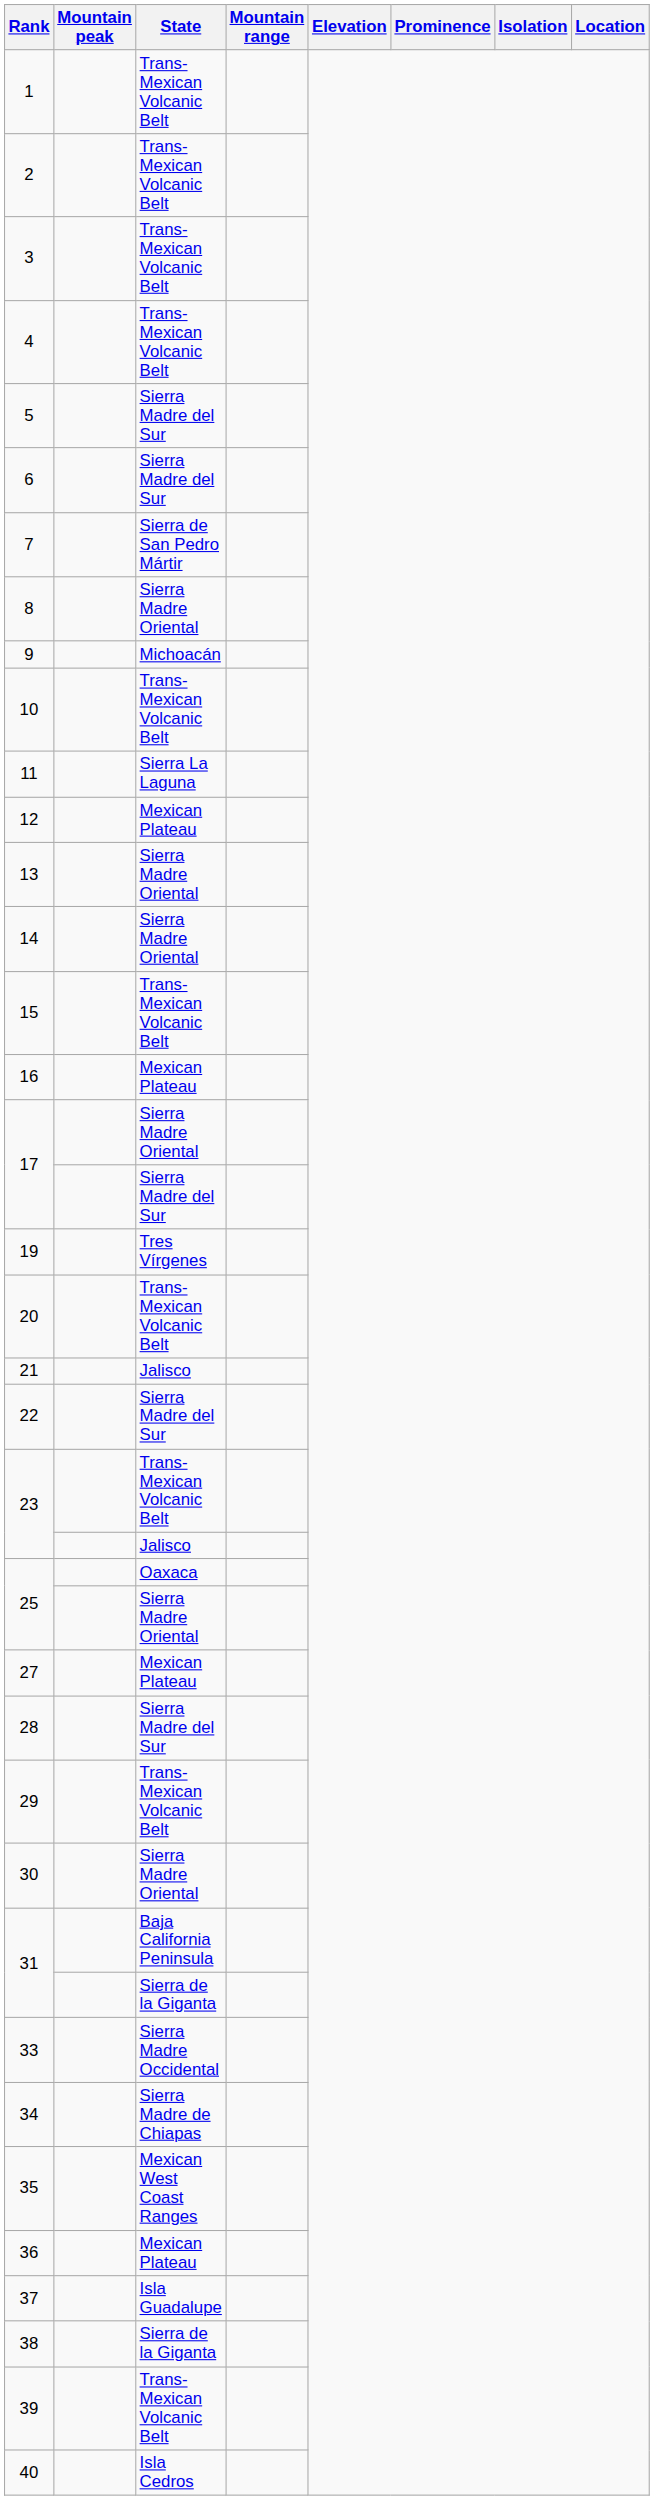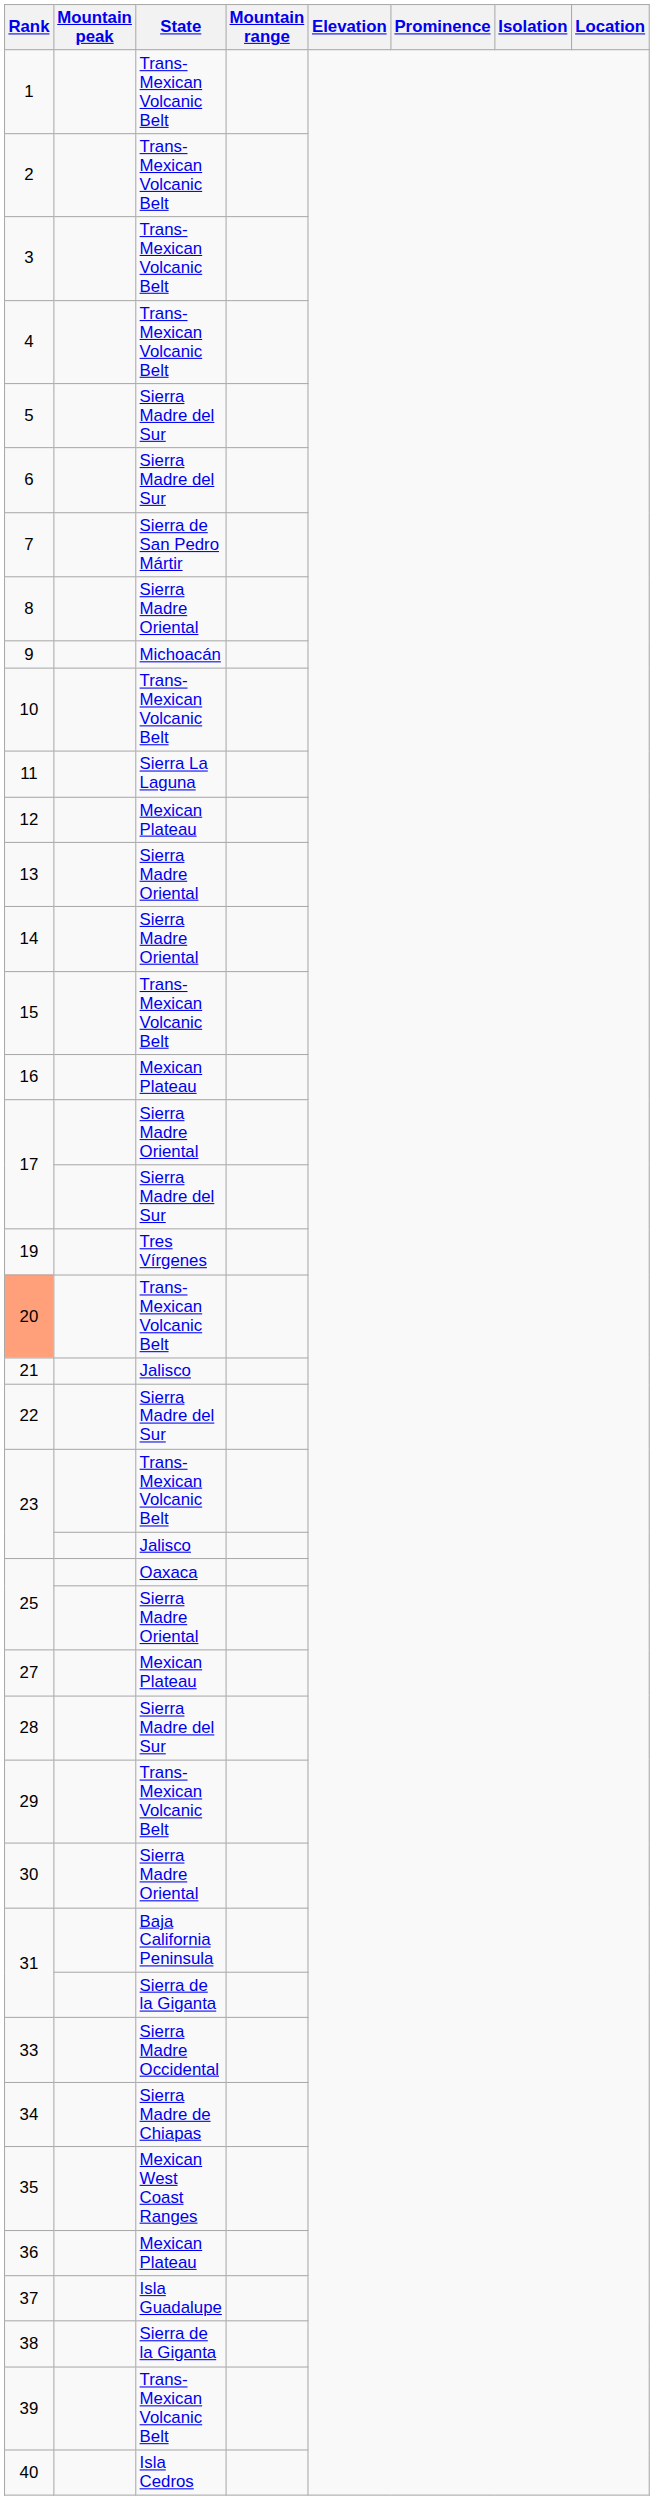 <table class="wikitable sortable">
 <tr>
 <th><a href='#'>Rank</a></th>
 <th><a href='#'>Mountain peak</a></th>
 <th><a href='#'>State</a></th>
 <th><a href='#'>Mountain range</a></th>
 <th><a href='#'>Elevation</a></th>
 <th><a href='#'>Prominence</a></th>
 <th><a href='#'>Isolation</a></th>
 <th><a href='#'>Location</a></th>
 </tr>
 <tr>
 <td align=center>1<br></td>
 <td><br></td>
 <td><a href='#'>Trans-Mexican Volcanic Belt</a><br></td>
 <td></td>
 </tr>
 <tr>
 <td align=center>2<br></td>
 <td><br><br></td>
 <td><a href='#'>Trans-Mexican Volcanic Belt</a><br></td>
 <td></td>
 </tr>
 <tr>
 <td align=center>3<br></td>
 <td></td>
 <td><a href='#'>Trans-Mexican Volcanic Belt</a><br></td>
 <td></td>
 </tr>
 <tr>
 <td align=center>4<br></td>
 <td></td>
 <td><a href='#'>Trans-Mexican Volcanic Belt</a><br></td>
 <td></td>
 </tr>
 <tr>
 <td align=center>5<br></td>
 <td></td>
 <td><a href='#'>Sierra Madre del Sur</a><br></td>
 <td></td>
 </tr>
 <tr>
 <td align=center>6<br></td>
 <td></td>
 <td><a href='#'>Sierra Madre del Sur</a><br></td>
 <td></td>
 </tr>
 <tr>
 <td align=center>7<br></td>
 <td></td>
 <td><a href='#'>Sierra de San Pedro Mártir</a><br></td>
 <td></td>
 </tr>
 <tr>
 <td align=center>8<br></td>
 <td></td>
 <td><a href='#'>Sierra Madre Oriental</a><br></td>
 <td></td>
 </tr>
 <tr>
 <td align=center>9<br></td>
 <td></td>
 <td><a href='#'>Michoacán</a><br></td>
 <td></td>
 </tr>
 <tr>
 <td align=center>10<br></td>
 <td><br></td>
 <td><a href='#'>Trans-Mexican Volcanic Belt</a><br></td>
 <td></td>
 </tr>
 <tr>
 <td align=center>11<br></td>
 <td></td>
 <td><a href='#'>Sierra La Laguna</a><br></td>
 <td></td>
 </tr>
 <tr>
 <td align=center>12<br></td>
 <td></td>
 <td><a href='#'>Mexican Plateau</a><br></td>
 <td></td>
 </tr>
 <tr>
 <td align=center>13<br></td>
 <td></td>
 <td><a href='#'>Sierra Madre Oriental</a><br></td>
 <td></td>
 </tr>
 <tr>
 <td align=center>14<br></td>
 <td></td>
 <td><a href='#'>Sierra Madre Oriental</a><br></td>
 <td></td>
 </tr>
 <tr>
 <td align=center>15<br></td>
 <td></td>
 <td><a href='#'>Trans-Mexican Volcanic Belt</a><br></td>
 <td></td>
 </tr>
 <tr>
 <td align=center>16<br></td>
 <td></td>
 <td><a href='#'>Mexican Plateau</a><br></td>
 <td></td>
 </tr>
 <tr>
 <td align=center rowspan=2>17<br></td>
 <td></td>
 <td><a href='#'>Sierra Madre Oriental</a><br></td>
 <td></td>
 </tr>
 <tr>
 <td></td>
 <td><a href='#'>Sierra Madre del Sur</a><br></td>
 <td></td>
 </tr>
 <tr>
 <td align=center>19<br></td>
 <td></td>
 <td><a href='#'>Tres Vírgenes</a><br></td>
 <td></td>
 </tr>
 <tr>
-<td align=center>20<br></td>
+<td align=center style="background: lightsalmon;">20<br></td>
 <td></td>
 <td><a href='#'>Trans-Mexican Volcanic Belt</a><br></td>
 <td></td>
 </tr>
 <tr>
 <td align=center>21<br></td>
 <td></td>
 <td><a href='#'>Jalisco</a><br></td>
 <td></td>
 </tr>
 <tr>
 <td align=center>22<br></td>
 <td></td>
 <td><a href='#'>Sierra Madre del Sur</a><br></td>
 <td></td>
 </tr>
 <tr>
 <td align=center rowspan=2>23<br></td>
 <td><br></td>
 <td><a href='#'>Trans-Mexican Volcanic Belt</a><br></td>
 <td></td>
 </tr>
 <tr>
 <td></td>
 <td><a href='#'>Jalisco</a><br></td>
 <td></td>
 </tr>
 <tr>
 <td align=center rowspan=2>25<br></td>
 <td></td>
 <td><a href='#'>Oaxaca</a><br></td>
 <td></td>
 </tr>
 <tr>
 <td></td>
 <td><a href='#'>Sierra Madre Oriental</a><br></td>
 <td></td>
 </tr>
 <tr>
 <td align=center>27<br></td>
 <td><br></td>
 <td><a href='#'>Mexican Plateau</a><br></td>
 <td></td>
 </tr>
 <tr>
 <td align=center>28<br></td>
 <td></td>
 <td><a href='#'>Sierra Madre del Sur</a><br></td>
 <td></td>
 </tr>
 <tr>
 <td align=center>29<br></td>
 <td></td>
 <td><a href='#'>Trans-Mexican Volcanic Belt</a><br></td>
 <td></td>
 </tr>
 <tr>
 <td align=center>30<br></td>
 <td></td>
 <td><a href='#'>Sierra Madre Oriental</a><br></td>
 <td></td>
 </tr>
 <tr>
 <td align=center rowspan=2>31<br></td>
 <td></td>
 <td><a href='#'>Baja California Peninsula</a><br></td>
 <td></td>
 </tr>
 <tr>
 <td></td>
 <td><a href='#'>Sierra de la Giganta</a><br></td>
 <td></td>
 </tr>
 <tr>
 <td align=center>33<br></td>
 <td></td>
 <td><a href='#'>Sierra Madre Occidental</a><br></td>
 <td></td>
 </tr>
 <tr>
 <td align=center>34<br></td>
 <td></td>
 <td><a href='#'>Sierra Madre de Chiapas</a><br></td>
 <td></td>
 </tr>
 <tr>
 <td align=center>35<br></td>
 <td></td>
 <td><a href='#'>Mexican West Coast Ranges</a><br></td>
 <td></td>
 </tr>
 <tr>
 <td align=center>36<br></td>
 <td></td>
 <td><a href='#'>Mexican Plateau</a><br></td>
 <td></td>
 </tr>
 <tr>
 <td align=center>37<br></td>
 <td></td>
 <td><a href='#'>Isla Guadalupe</a><br></td>
 <td></td>
 </tr>
 <tr>
 <td align=center>38<br></td>
 <td></td>
 <td><a href='#'>Sierra de la Giganta</a><br></td>
 <td></td>
 </tr>
 <tr>
 <td align=center>39<br></td>
 <td></td>
 <td><a href='#'>Trans-Mexican Volcanic Belt</a><br></td>
 <td></td>
 </tr>
 <tr>
 <td align=center>40<br></td>
 <td></td>
 <td><a href='#'>Isla Cedros</a><br></td>
 <td></td>
 </tr>
 </table>
